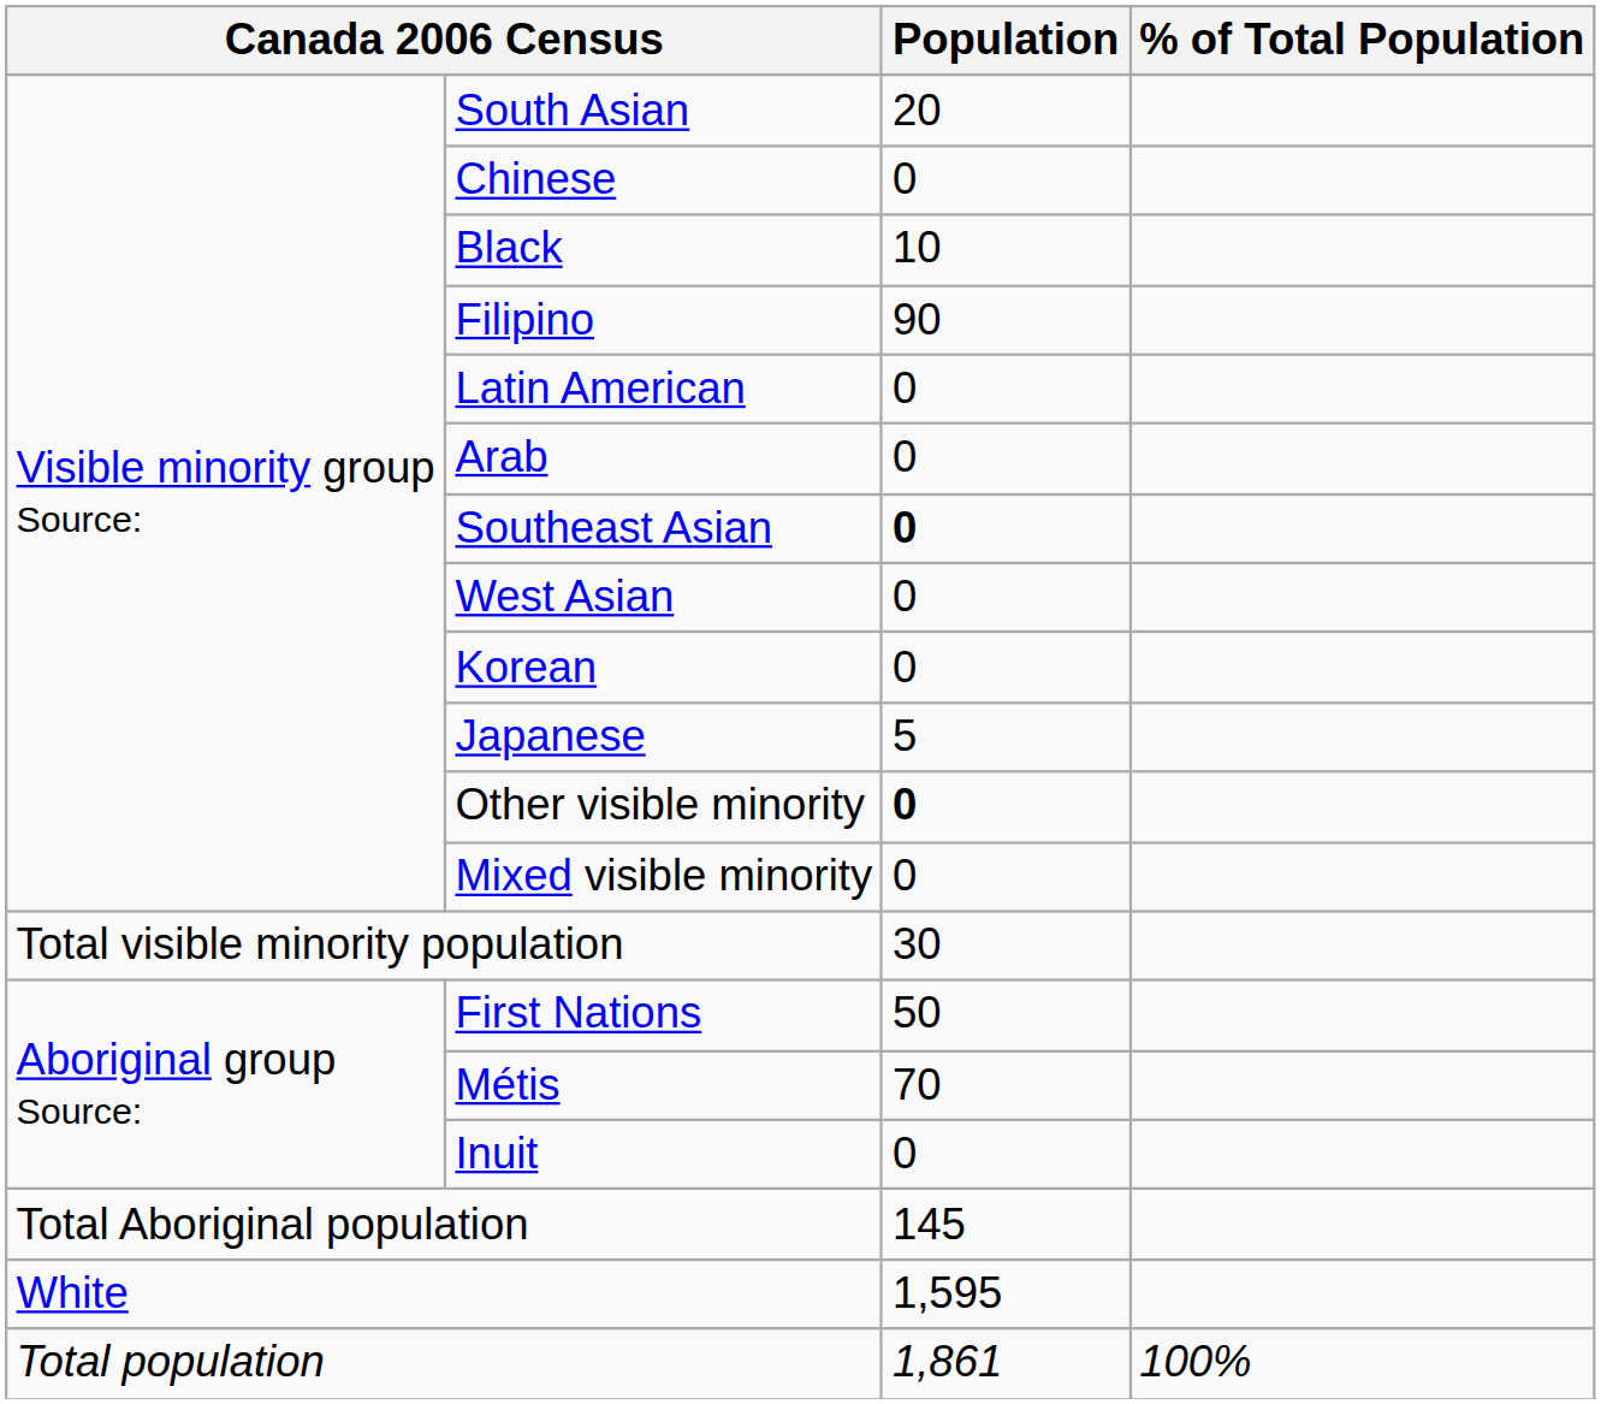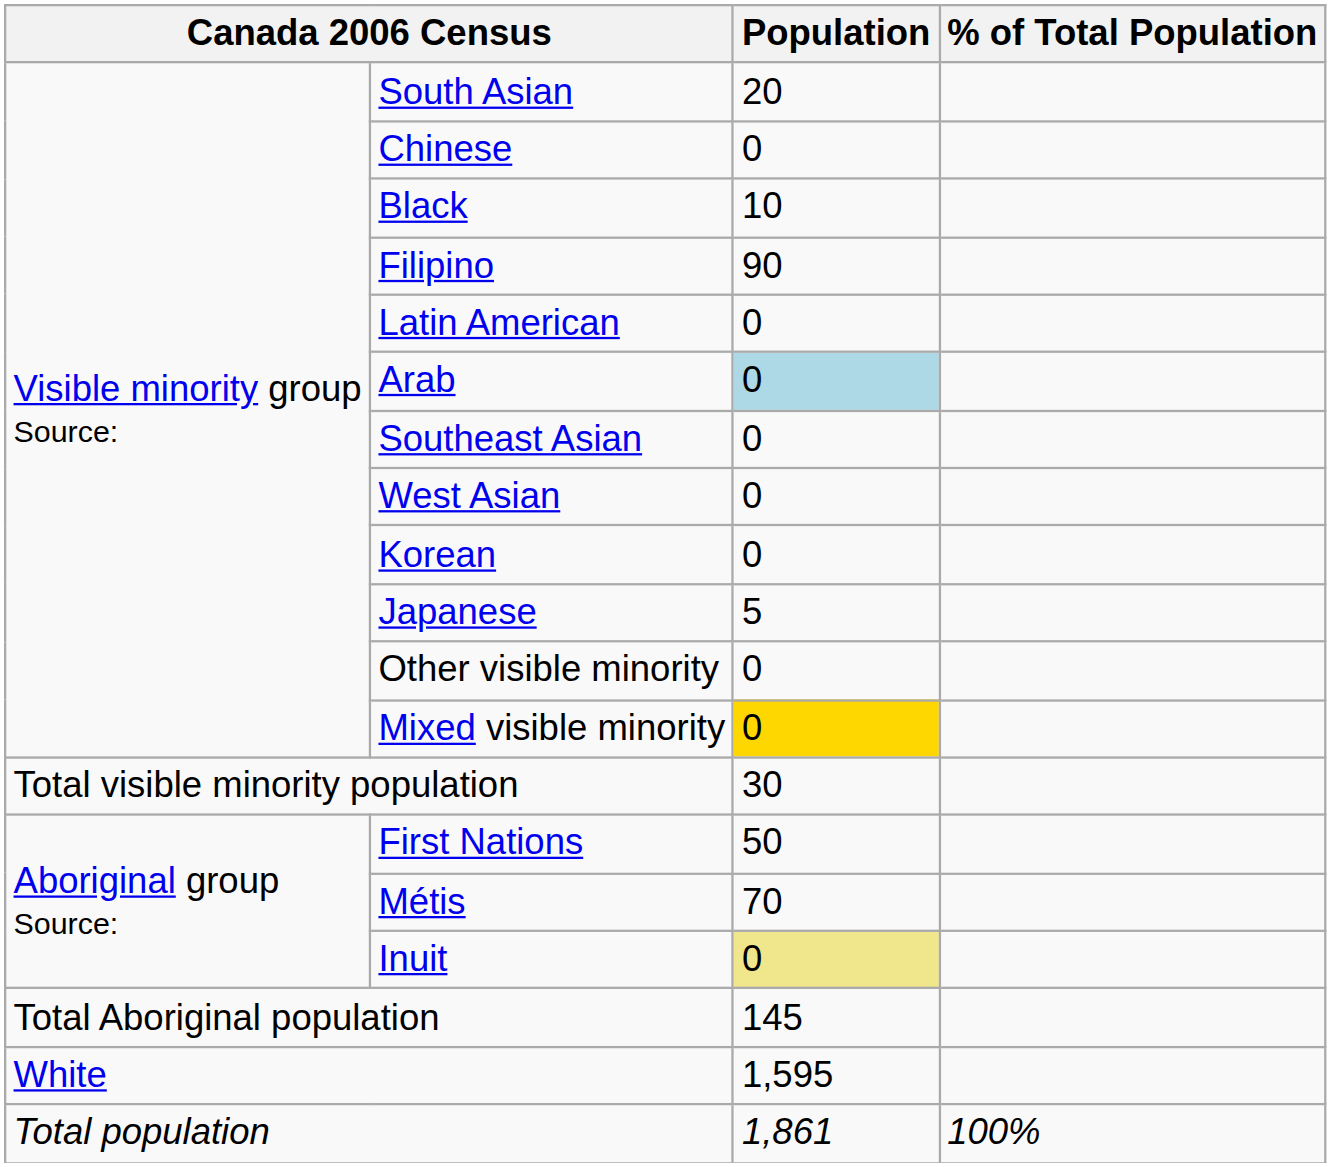 <table class="wikitable">
 <tr>
 <th colspan="2">Canada 2006 Census</th>
 <th>Population</th>
 <th>% of Total Population</th>
 </tr>
 <tr>
 <td rowspan="12"><a href='#'>Visible minority</a> group<br><small>Source:</small></td>
 <td><a href='#'>South Asian</a></td>
 <td>20</td>
 <td></td>
 </tr>
 <tr>
 <td><a href='#'>Chinese</a></td>
 <td>0</td>
 <td></td>
 </tr>
 <tr>
 <td><a href='#'>Black</a></td>
 <td>10</td>
 <td></td>
 </tr>
 <tr>
 <td><a href='#'>Filipino</a></td>
 <td>90</td>
 <td></td>
 </tr>
 <tr>
 <td><a href='#'>Latin American</a></td>
 <td>0</td>
 <td></td>
 </tr>
 <tr>
 <td><a href='#'>Arab</a></td>
-<td>0</td>
+<td style="background: lightblue;">0</td>
 <td></td>
 </tr>
 <tr>
 <td><a href='#'>Southeast Asian</a></td>
-<td><strong>0</strong></td>
+<td>0</td>
 <td></td>
 </tr>
 <tr>
 <td><a href='#'>West Asian</a></td>
 <td>0</td>
 <td></td>
 </tr>
 <tr>
 <td><a href='#'>Korean</a></td>
 <td>0</td>
 <td></td>
 </tr>
 <tr>
 <td><a href='#'>Japanese</a></td>
 <td>5</td>
 <td></td>
 </tr>
 <tr>
 <td>Other visible minority</td>
-<td><strong>0</strong></td>
+<td>0</td>
 <td></td>
 </tr>
 <tr>
 <td><a href='#'>Mixed</a> visible minority</td>
-<td>0</td>
+<td style="background: gold;">0</td>
 <td></td>
 </tr>
 <tr>
 <td colspan="2">Total visible minority population</td>
 <td>30</td>
 <td></td>
 </tr>
 <tr>
 <td rowspan="3"><a href='#'>Aboriginal</a> group<br><small>Source:</small></td>
 <td><a href='#'>First Nations</a></td>
 <td>50</td>
 <td></td>
 </tr>
 <tr>
 <td><a href='#'>Métis</a></td>
 <td>70</td>
 <td></td>
 </tr>
 <tr>
 <td><a href='#'>Inuit</a></td>
-<td>0</td>
+<td style="background: khaki;">0</td>
 <td></td>
 </tr>
 <tr>
 <td colspan="2">Total Aboriginal population</td>
 <td>145</td>
 <td></td>
 </tr>
 <tr>
 <td colspan="2"><a href='#'>White</a></td>
 <td>1,595</td>
 <td></td>
 </tr>
 <tr>
 <td colspan="2"><em>Total population</em></td>
 <td><em>1,861</em></td>
 <td><em>100%</em></td>
 </tr>
 </table>
